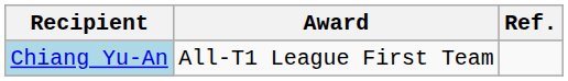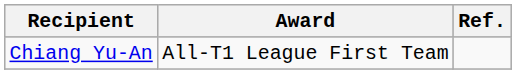 <table class="wikitable">
 <tr>
 <th>Recipient</th>
 <th>Award</th>
 <th>Ref.</th>
 </tr>
 <tr>
-<td style="background: lightblue;"><a href='#'>Chiang Yu-An</a></td>
+<td><a href='#'>Chiang Yu-An</a></td>
 <td>All-T1 League First Team</td>
 <td></td>
 </tr>
 </table>
